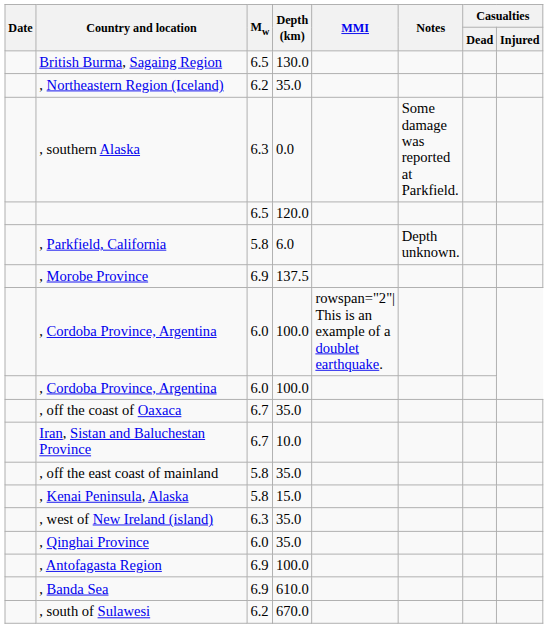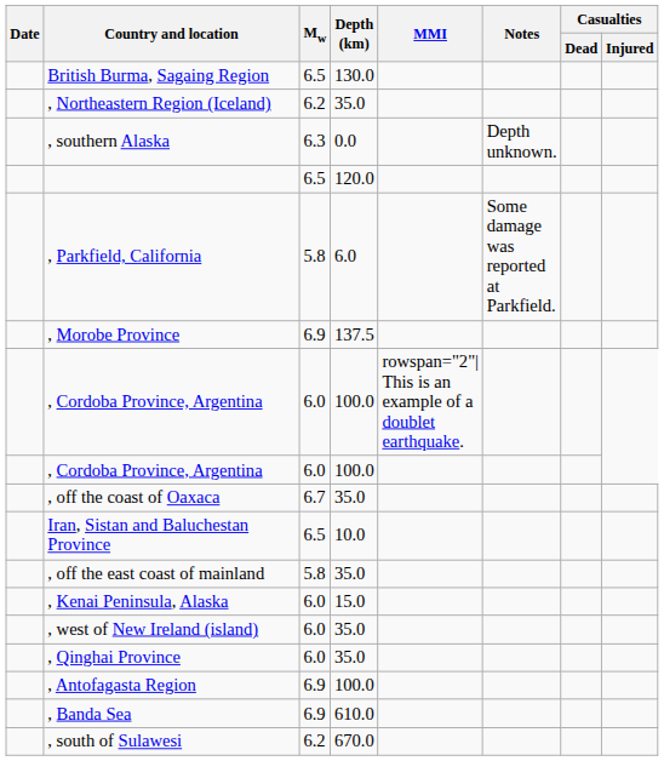 <table class="wikitable sortable sort-under" style="border:1px black; margin-left:1em;">
 <tr>
 <th rowspan="2"><small>Date</small></th>
 <th rowspan="2" style="width: 310px"><small>Country and location</small></th>
 <th rowspan="2"><small>M<sub>w</sub></small></th>
 <th rowspan="2"><small>Depth (km)</small></th>
 <th rowspan="2"><small><a href='#'>MMI</a></small></th>
 <th rowspan="2" class="unsortable"><small>Notes</small></th>
 <th colspan="2"><small>Casualties</small></th>
 </tr>
 <tr>
 <th><small>Dead</small></th>
 <th><small>Injured</small></th>
 </tr>
 <tr>
 <td></td>
 <td> <a href='#'>British Burma</a>, <a href='#'>Sagaing Region</a></td>
 <td>6.5</td>
 <td>130.0</td>
 <td></td>
 <td></td>
 <td></td>
 <td></td>
 </tr>
 <tr>
 <td></td>
 <td>, <a href='#'>Northeastern Region (Iceland)</a></td>
 <td>6.2</td>
 <td>35.0</td>
 <td></td>
 <td></td>
 <td></td>
 <td></td>
 </tr>
 <tr>
 <td></td>
 <td>, southern <a href='#'>Alaska</a></td>
 <td>6.3</td>
 <td>0.0</td>
 <td></td>
-<td>Some damage was reported at Parkfield.</td>
+<td>Depth unknown.</td>
 <td></td>
 <td></td>
 </tr>
 <tr>
 <td></td>
 <td></td>
 <td>6.5</td>
 <td>120.0</td>
 <td></td>
 <td></td>
 <td></td>
 <td></td>
 </tr>
 <tr>
 <td></td>
 <td>, <a href='#'>Parkfield, California</a></td>
 <td>5.8</td>
 <td>6.0</td>
 <td></td>
-<td>Depth unknown.</td>
+<td>Some damage was reported at Parkfield.</td>
 <td></td>
 <td></td>
 </tr>
 <tr>
 <td></td>
 <td>, <a href='#'>Morobe Province</a></td>
 <td>6.9</td>
 <td>137.5</td>
 <td></td>
 <td></td>
 <td></td>
 <td></td>
 </tr>
 <tr>
 <td></td>
 <td>, <a href='#'>Cordoba Province, Argentina</a></td>
 <td>6.0</td>
 <td>100.0</td>
 <td>rowspan="2"| This is an example of a <a href='#'>doublet earthquake</a>.</td>
 <td></td>
 <td></td>
 </tr>
 <tr>
 <td></td>
 <td>, <a href='#'>Cordoba Province, Argentina</a></td>
 <td>6.0</td>
 <td>100.0</td>
 <td></td>
 <td></td>
 <td></td>
 </tr>
 <tr>
 <td></td>
 <td>, off the coast of <a href='#'>Oaxaca</a></td>
 <td>6.7</td>
 <td>35.0</td>
 <td></td>
 <td></td>
 <td></td>
 <td></td>
 </tr>
 <tr>
 <td></td>
 <td> <a href='#'>Iran</a>, <a href='#'>Sistan and Baluchestan Province</a></td>
-<td>6.7</td>
+<td>6.5</td>
 <td>10.0</td>
 <td></td>
 <td></td>
 <td></td>
 <td></td>
 </tr>
 <tr>
 <td></td>
 <td>, off the east coast of mainland</td>
 <td>5.8</td>
 <td>35.0</td>
 <td></td>
 <td></td>
 <td></td>
 <td></td>
 </tr>
 <tr>
 <td></td>
 <td>, <a href='#'>Kenai Peninsula</a>, <a href='#'>Alaska</a></td>
-<td>5.8</td>
+<td>6.0</td>
 <td>15.0</td>
 <td></td>
 <td></td>
 <td></td>
 <td></td>
 </tr>
 <tr>
 <td></td>
 <td>, west of <a href='#'>New Ireland (island)</a></td>
-<td>6.3</td>
+<td>6.0</td>
 <td>35.0</td>
 <td></td>
 <td></td>
 <td></td>
 <td></td>
 </tr>
 <tr>
 <td></td>
 <td>, <a href='#'>Qinghai Province</a></td>
 <td>6.0</td>
 <td>35.0</td>
 <td></td>
 <td></td>
 <td></td>
 <td></td>
 </tr>
 <tr>
 <td></td>
 <td>, <a href='#'>Antofagasta Region</a></td>
 <td>6.9</td>
 <td>100.0</td>
 <td></td>
 <td></td>
 <td></td>
 <td></td>
 </tr>
 <tr>
 <td></td>
 <td>, <a href='#'>Banda Sea</a></td>
 <td>6.9</td>
 <td>610.0</td>
 <td></td>
 <td></td>
 <td></td>
 <td></td>
 </tr>
 <tr>
 <td></td>
 <td>, south of <a href='#'>Sulawesi</a></td>
 <td>6.2</td>
 <td>670.0</td>
 <td></td>
 <td></td>
 <td></td>
 <td></td>
 </tr>
 </table>
